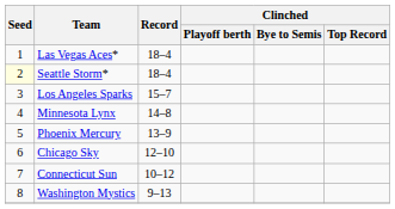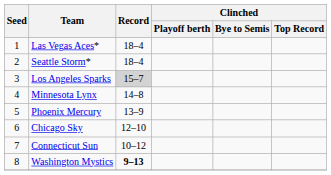 <table class="wikitable"  style="font-size:95%; text-align:center">
 <tr>
 <th rowspan=2>Seed</th>
 <th rowspan=2>Team</th>
 <th rowspan=2>Record</th>
 <th colspan=3>Clinched</th>
 </tr>
 <tr>
 <th>Playoff berth</th>
 <th>Bye to Semis</th>
 <th>Top Record</th>
 </tr>
 <tr>
 <td>1</td>
 <td align=left><a href='#'>Las Vegas Aces</a>*</td>
 <td>18–4</td>
 <td></td>
 <td></td>
 <td></td>
 </tr>
 <tr>
-<td style="background: lightyellow;">2</td>
+<td>2</td>
 <td align=left><a href='#'>Seattle Storm</a>*</td>
 <td>18–4</td>
 <td></td>
 <td></td>
 <td></td>
 </tr>
 <tr>
 <td>3</td>
 <td align=left><a href='#'>Los Angeles Sparks</a></td>
-<td>15–7</td>
+<td style="background: lightgrey;">15–7</td>
 <td></td>
 <td></td>
 <td></td>
 </tr>
 <tr>
 <td>4</td>
 <td align=left><a href='#'>Minnesota Lynx</a></td>
 <td>14–8</td>
 <td></td>
 <td></td>
 <td></td>
 </tr>
 <tr>
 <td>5</td>
 <td align=left><a href='#'>Phoenix Mercury</a></td>
 <td>13–9</td>
 <td></td>
 <td></td>
 <td></td>
 </tr>
 <tr>
 <td>6</td>
 <td align=left><a href='#'>Chicago Sky</a></td>
 <td>12–10</td>
 <td></td>
 <td></td>
 <td></td>
 </tr>
 <tr>
 <td>7</td>
 <td align=left><a href='#'>Connecticut Sun</a></td>
 <td>10–12</td>
 <td></td>
 <td></td>
 <td></td>
 </tr>
 <tr>
 <td>8</td>
 <td align=left><a href='#'>Washington Mystics</a></td>
-<td>9–13</td>
+<td><strong>9–13</strong></td>
 <td></td>
 <td></td>
 <td></td>
 </tr>
 <tr>
 </tr>
 </table>
